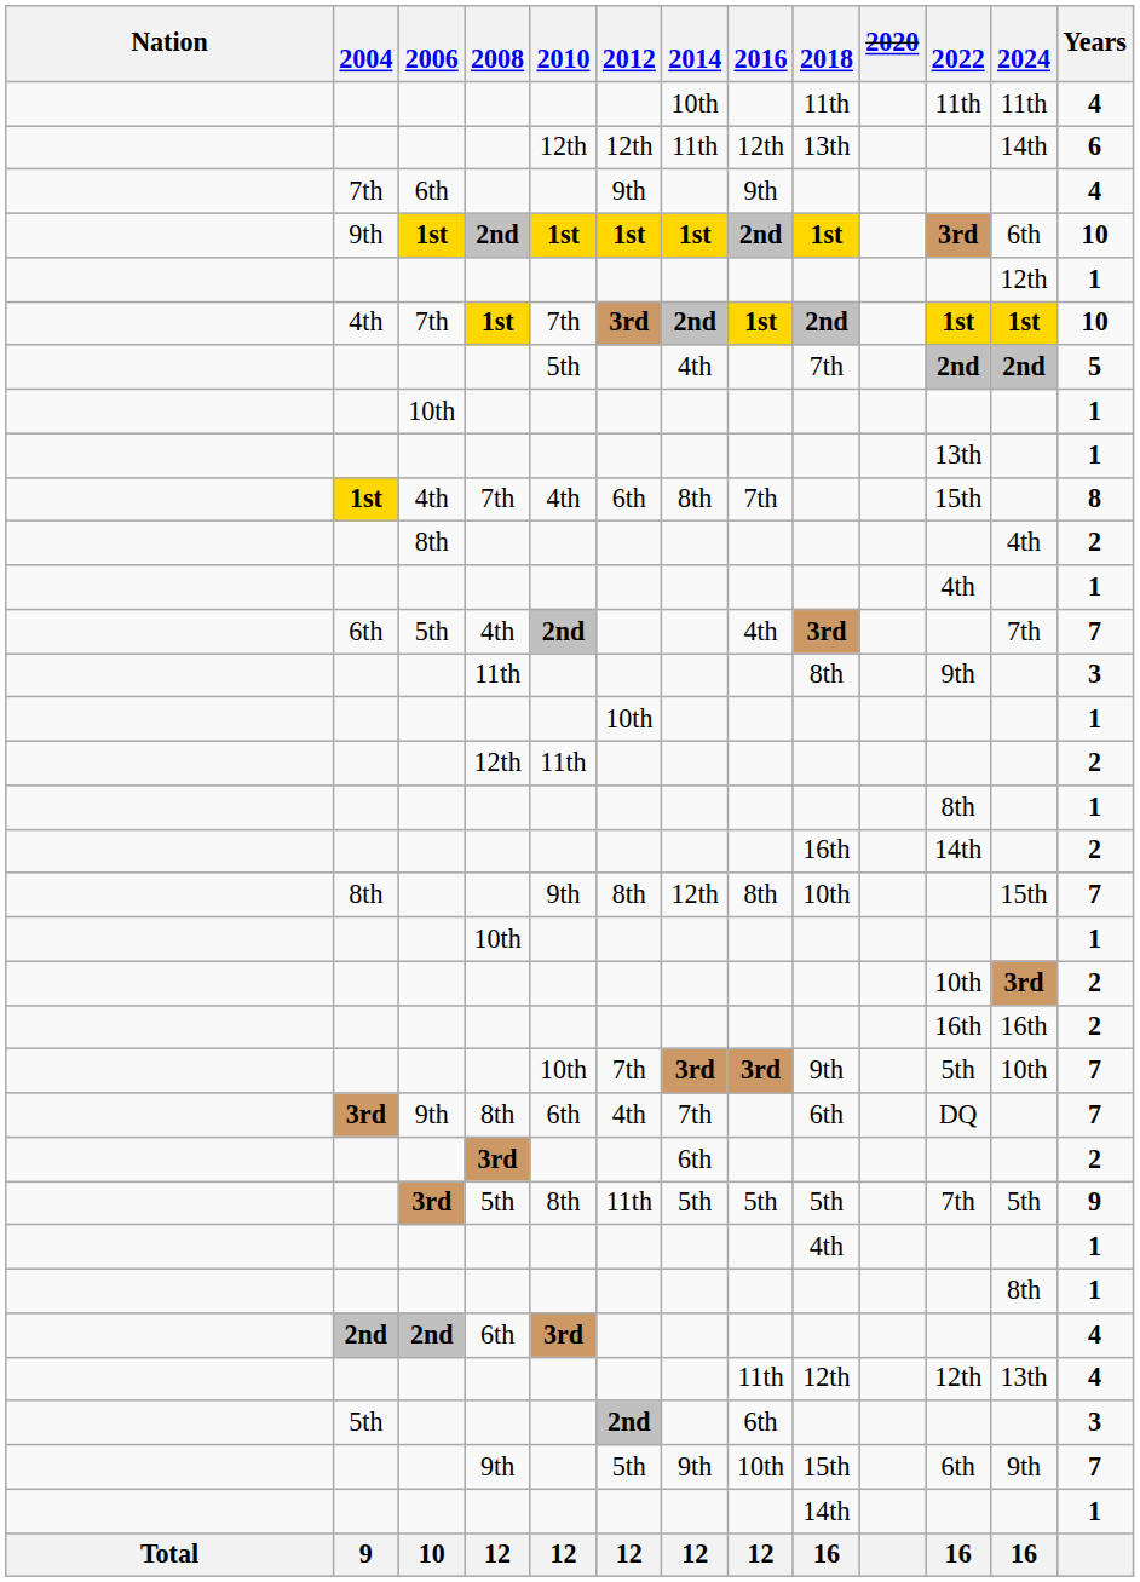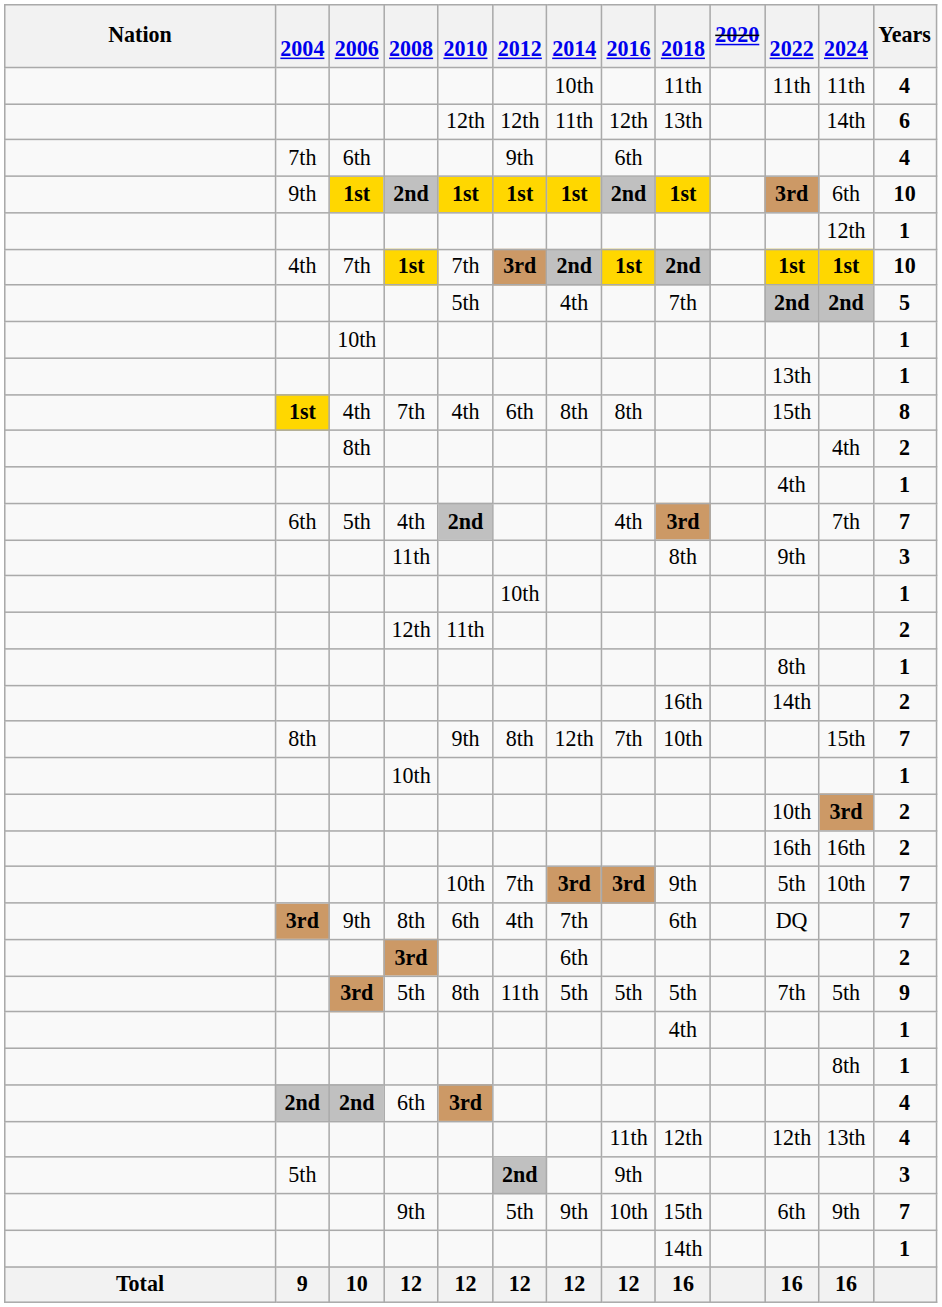 <table class="wikitable" style="text-align:center; font-size:90%">
 <tr>
 <th width=170>Nation</th>
 <th><br><a href='#'>2004</a></th>
 <th><br><a href='#'>2006</a></th>
 <th><br><a href='#'>2008</a></th>
 <th><br><a href='#'>2010</a></th>
 <th><br><a href='#'>2012</a></th>
 <th><br><a href='#'>2014</a></th>
 <th><br><a href='#'>2016</a></th>
 <th><br><a href='#'>2018</a></th>
 <th><s><a href='#'>2020</a></s></th>
 <th><br><a href='#'>2022</a></th>
 <th><br><a href='#'>2024</a></th>
 <th>Years</th>
 </tr>
 <tr>
 <td align=left></td>
 <td></td>
 <td></td>
 <td></td>
 <td></td>
 <td></td>
 <td>10th</td>
 <td></td>
 <td>11th</td>
 <td></td>
 <td>11th</td>
 <td>11th</td>
 <td><strong>4</strong></td>
 </tr>
 <tr>
 <td align=left></td>
 <td></td>
 <td></td>
 <td></td>
 <td>12th</td>
 <td>12th</td>
 <td>11th</td>
 <td>12th</td>
 <td>13th</td>
 <td></td>
 <td></td>
 <td>14th</td>
 <td><strong>6</strong></td>
 </tr>
 <tr>
 <td align=left></td>
 <td>7th</td>
 <td>6th</td>
 <td></td>
 <td></td>
 <td>9th</td>
 <td></td>
-<td>9th</td>
+<td>6th</td>
 <td></td>
 <td></td>
 <td></td>
 <td></td>
 <td><strong>4</strong></td>
 </tr>
 <tr>
 <td align=left></td>
 <td>9th</td>
 <td bgcolor=gold><strong>1st</strong></td>
 <td bgcolor=silver><strong>2nd</strong></td>
 <td bgcolor=gold><strong>1st</strong></td>
 <td bgcolor=gold><strong>1st</strong></td>
 <td bgcolor=gold><strong>1st</strong></td>
 <td bgcolor=silver><strong>2nd</strong></td>
 <td bgcolor=gold><strong>1st</strong></td>
 <td></td>
 <td bgcolor=#cc9966><strong>3rd</strong></td>
 <td>6th</td>
 <td><strong>10</strong></td>
 </tr>
 <tr>
 <td align=left></td>
 <td></td>
 <td></td>
 <td></td>
 <td></td>
 <td></td>
 <td></td>
 <td></td>
 <td></td>
 <td></td>
 <td></td>
 <td>12th</td>
 <td><strong>1</strong></td>
 </tr>
 <tr>
 <td align=left></td>
 <td>4th</td>
 <td>7th</td>
 <td bgcolor=gold><strong>1st</strong></td>
 <td>7th</td>
 <td bgcolor=#cc9966><strong>3rd</strong></td>
 <td bgcolor=silver><strong>2nd</strong></td>
 <td bgcolor=gold><strong>1st</strong></td>
 <td bgcolor=silver><strong>2nd</strong></td>
 <td></td>
 <td bgcolor=gold><strong>1st</strong></td>
 <td bgcolor=gold><strong>1st</strong></td>
 <td><strong>10</strong></td>
 </tr>
 <tr>
 <td align=left></td>
 <td></td>
 <td></td>
 <td></td>
 <td>5th</td>
 <td></td>
 <td>4th</td>
 <td></td>
 <td>7th</td>
 <td></td>
 <td bgcolor=silver><strong>2nd</strong></td>
 <td bgcolor=silver><strong>2nd</strong></td>
 <td><strong>5</strong></td>
 </tr>
 <tr>
 <td align=left></td>
 <td></td>
 <td>10th</td>
 <td></td>
 <td></td>
 <td></td>
 <td></td>
 <td></td>
 <td></td>
 <td></td>
 <td></td>
 <td></td>
 <td><strong>1</strong></td>
 </tr>
 <tr>
 <td align=left></td>
 <td></td>
 <td></td>
 <td></td>
 <td></td>
 <td></td>
 <td></td>
 <td></td>
 <td></td>
 <td></td>
 <td>13th</td>
 <td></td>
 <td><strong>1</strong></td>
 </tr>
 <tr>
 <td align=left></td>
 <td bgcolor=gold><strong>1st</strong></td>
 <td>4th</td>
 <td>7th</td>
 <td>4th</td>
 <td>6th</td>
 <td>8th</td>
-<td>7th</td>
+<td>8th</td>
 <td></td>
 <td></td>
 <td>15th</td>
 <td></td>
 <td><strong>8</strong></td>
 </tr>
 <tr>
 <td align=left></td>
 <td></td>
 <td>8th</td>
 <td></td>
 <td></td>
 <td></td>
 <td></td>
 <td></td>
 <td></td>
 <td></td>
 <td></td>
 <td>4th</td>
 <td><strong>2</strong></td>
 </tr>
 <tr>
 <td align=left></td>
 <td></td>
 <td></td>
 <td></td>
 <td></td>
 <td></td>
 <td></td>
 <td></td>
 <td></td>
 <td></td>
 <td>4th</td>
 <td></td>
 <td><strong>1</strong></td>
 </tr>
 <tr>
 <td align=left></td>
 <td>6th</td>
 <td>5th</td>
 <td>4th</td>
 <td bgcolor=silver><strong>2nd</strong></td>
 <td></td>
 <td></td>
 <td>4th</td>
 <td bgcolor=#cc9966><strong>3rd</strong></td>
 <td></td>
 <td></td>
 <td>7th</td>
 <td><strong>7</strong></td>
 </tr>
 <tr>
 <td align=left></td>
 <td></td>
 <td></td>
 <td>11th</td>
 <td></td>
 <td></td>
 <td></td>
 <td></td>
 <td>8th</td>
 <td></td>
 <td>9th</td>
 <td></td>
 <td><strong>3</strong></td>
 </tr>
 <tr>
 <td align=left></td>
 <td></td>
 <td></td>
 <td></td>
 <td></td>
 <td>10th</td>
 <td></td>
 <td></td>
 <td></td>
 <td></td>
 <td></td>
 <td></td>
 <td><strong>1</strong></td>
 </tr>
 <tr>
 <td align=left></td>
 <td></td>
 <td></td>
 <td>12th</td>
 <td>11th</td>
 <td></td>
 <td></td>
 <td></td>
 <td></td>
 <td></td>
 <td></td>
 <td></td>
 <td><strong>2</strong></td>
 </tr>
 <tr>
 <td align=left></td>
 <td></td>
 <td></td>
 <td></td>
 <td></td>
 <td></td>
 <td></td>
 <td></td>
 <td></td>
 <td></td>
 <td>8th</td>
 <td></td>
 <td><strong>1</strong></td>
 </tr>
 <tr>
 <td align=left></td>
 <td></td>
 <td></td>
 <td></td>
 <td></td>
 <td></td>
 <td></td>
 <td></td>
 <td>16th</td>
 <td></td>
 <td>14th</td>
 <td></td>
 <td><strong>2</strong></td>
 </tr>
 <tr>
 <td align=left></td>
 <td>8th</td>
 <td></td>
 <td></td>
 <td>9th</td>
 <td>8th</td>
 <td>12th</td>
-<td>8th</td>
+<td>7th</td>
 <td>10th</td>
 <td></td>
 <td></td>
 <td>15th</td>
 <td><strong>7</strong></td>
 </tr>
 <tr>
 <td align=left></td>
 <td></td>
 <td></td>
 <td>10th</td>
 <td></td>
 <td></td>
 <td></td>
 <td></td>
 <td></td>
 <td></td>
 <td></td>
 <td></td>
 <td><strong>1</strong></td>
 </tr>
 <tr>
 <td align=left></td>
 <td></td>
 <td></td>
 <td></td>
 <td></td>
 <td></td>
 <td></td>
 <td></td>
 <td></td>
 <td></td>
 <td>10th</td>
 <td bgcolor=#cc9966><strong>3rd</strong></td>
 <td><strong>2</strong></td>
 </tr>
 <tr>
 <td align=left></td>
 <td></td>
 <td></td>
 <td></td>
 <td></td>
 <td></td>
 <td></td>
 <td></td>
 <td></td>
 <td></td>
 <td>16th</td>
 <td>16th</td>
 <td><strong>2</strong></td>
 </tr>
 <tr>
 <td align=left></td>
 <td></td>
 <td></td>
 <td></td>
 <td>10th</td>
 <td>7th</td>
 <td bgcolor=#cc9966><strong>3rd</strong></td>
 <td bgcolor=#cc9966><strong>3rd</strong></td>
 <td>9th</td>
 <td></td>
 <td>5th</td>
 <td>10th</td>
 <td><strong>7</strong></td>
 </tr>
 <tr>
 <td align=left></td>
 <td bgcolor=#cc9966><strong>3rd</strong></td>
 <td>9th</td>
 <td>8th</td>
 <td>6th</td>
 <td>4th</td>
 <td>7th</td>
 <td></td>
 <td>6th</td>
 <td></td>
 <td>DQ</td>
 <td></td>
 <td><strong>7</strong></td>
 </tr>
 <tr>
 <td align=left></td>
 <td></td>
 <td></td>
 <td bgcolor=#cc9966><strong>3rd</strong></td>
 <td></td>
 <td></td>
 <td>6th</td>
 <td></td>
 <td></td>
 <td></td>
 <td></td>
 <td></td>
 <td><strong>2</strong></td>
 </tr>
 <tr>
 <td align=left></td>
 <td></td>
 <td bgcolor=#cc9966><strong>3rd</strong></td>
 <td>5th</td>
 <td>8th</td>
 <td>11th</td>
 <td>5th</td>
 <td>5th</td>
 <td>5th</td>
 <td></td>
 <td>7th</td>
 <td>5th</td>
 <td><strong>9</strong></td>
 </tr>
 <tr>
 <td align=left></td>
 <td></td>
 <td></td>
 <td></td>
 <td></td>
 <td></td>
 <td></td>
 <td></td>
 <td>4th</td>
 <td></td>
 <td></td>
 <td></td>
 <td><strong>1</strong></td>
 </tr>
 <tr>
 <td align=left></td>
 <td></td>
 <td></td>
 <td></td>
 <td></td>
 <td></td>
 <td></td>
 <td></td>
 <td></td>
 <td></td>
 <td></td>
 <td>8th</td>
 <td><strong>1</strong></td>
 </tr>
 <tr>
 <td align=left></td>
 <td bgcolor=silver><strong>2nd</strong></td>
 <td bgcolor=silver><strong>2nd</strong></td>
 <td>6th</td>
 <td bgcolor=#cc9966><strong>3rd</strong></td>
 <td></td>
 <td></td>
 <td></td>
 <td></td>
 <td></td>
 <td></td>
 <td></td>
 <td><strong>4</strong></td>
 </tr>
 <tr>
 <td align=left></td>
 <td></td>
 <td></td>
 <td></td>
 <td></td>
 <td></td>
 <td></td>
 <td>11th</td>
 <td>12th</td>
 <td></td>
 <td>12th</td>
 <td>13th</td>
 <td><strong>4</strong></td>
 </tr>
 <tr>
 <td align=left></td>
 <td>5th</td>
 <td></td>
 <td></td>
 <td></td>
 <td bgcolor=silver><strong>2nd</strong></td>
 <td></td>
-<td>6th</td>
+<td>9th</td>
 <td></td>
 <td></td>
 <td></td>
 <td></td>
 <td><strong>3</strong></td>
 </tr>
 <tr>
 <td align=left></td>
 <td></td>
 <td></td>
 <td>9th</td>
 <td></td>
 <td>5th</td>
 <td>9th</td>
 <td>10th</td>
 <td>15th</td>
 <td></td>
 <td>6th</td>
 <td>9th</td>
 <td><strong>7</strong></td>
 </tr>
 <tr>
 <td align=left></td>
 <td></td>
 <td></td>
 <td></td>
 <td></td>
 <td></td>
 <td></td>
 <td></td>
 <td>14th</td>
 <td></td>
 <td></td>
 <td></td>
 <td><strong>1</strong></td>
 </tr>
 <tr>
 <th>Total</th>
 <th>9</th>
 <th>10</th>
 <th>12</th>
 <th>12</th>
 <th>12</th>
 <th>12</th>
 <th>12</th>
 <th>16</th>
 <th></th>
 <th>16</th>
 <th>16</th>
 <th></th>
 </tr>
 </table>
